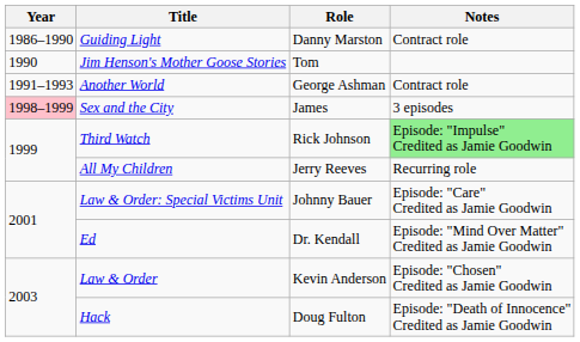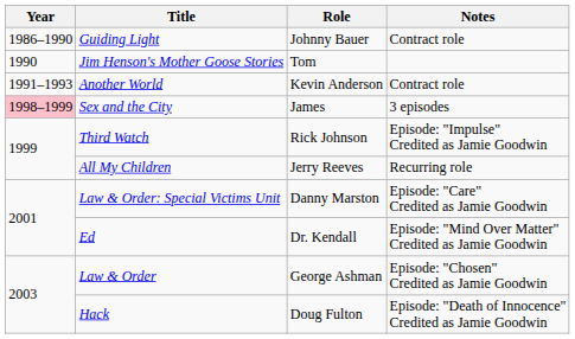 <table class="wikitable">
 <tr>
 <th>Year</th>
 <th>Title</th>
 <th>Role</th>
 <th>Notes</th>
 </tr>
 <tr>
 <td>1986–1990</td>
 <td><em><a href='#'>Guiding Light</a></em></td>
-<td>Danny Marston</td>
+<td>Johnny Bauer</td>
 <td>Contract role</td>
 </tr>
 <tr>
 <td>1990</td>
 <td><em><a href='#'>Jim Henson's Mother Goose Stories</a></em></td>
 <td>Tom</td>
 <td></td>
 </tr>
 <tr>
 <td>1991–1993</td>
 <td><em><a href='#'>Another World</a></em></td>
-<td>George Ashman</td>
+<td>Kevin Anderson</td>
 <td>Contract role</td>
 </tr>
 <tr>
 <td style="background: pink;">1998–1999</td>
 <td><em><a href='#'>Sex and the City</a></em></td>
 <td>James</td>
 <td>3 episodes</td>
 </tr>
 <tr>
 <td rowspan="2">1999</td>
 <td><em><a href='#'>Third Watch</a></em></td>
 <td>Rick Johnson</td>
-<td style="background: lightgreen;">Episode: "Impulse"<br>Credited as Jamie Goodwin</td>
+<td>Episode: "Impulse"<br>Credited as Jamie Goodwin</td>
 </tr>
 <tr>
 <td><em><a href='#'>All My Children</a></em></td>
 <td>Jerry Reeves</td>
 <td>Recurring role</td>
 </tr>
 <tr>
 <td rowspan="2">2001</td>
 <td><em><a href='#'>Law & Order: Special Victims Unit</a></em></td>
-<td>Johnny Bauer</td>
+<td>Danny Marston</td>
 <td>Episode: "Care"<br>Credited as Jamie Goodwin</td>
 </tr>
 <tr>
 <td><em><a href='#'>Ed</a></em></td>
 <td>Dr. Kendall</td>
 <td>Episode: "Mind Over Matter"<br>Credited as Jamie Goodwin</td>
 </tr>
 <tr>
 <td rowspan="2">2003</td>
 <td><em><a href='#'>Law & Order</a></em></td>
-<td>Kevin Anderson</td>
+<td>George Ashman</td>
 <td>Episode: "Chosen"<br>Credited as Jamie Goodwin</td>
 </tr>
 <tr>
 <td><em><a href='#'>Hack</a></em></td>
 <td>Doug Fulton</td>
 <td>Episode: "Death of Innocence"<br>Credited as Jamie Goodwin</td>
 </tr>
 </table>
